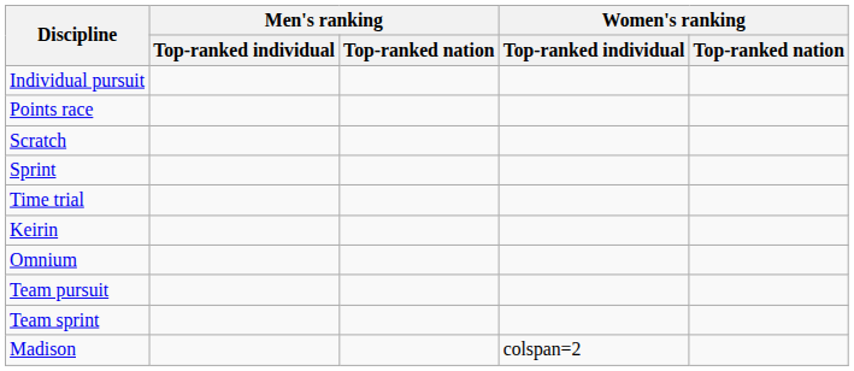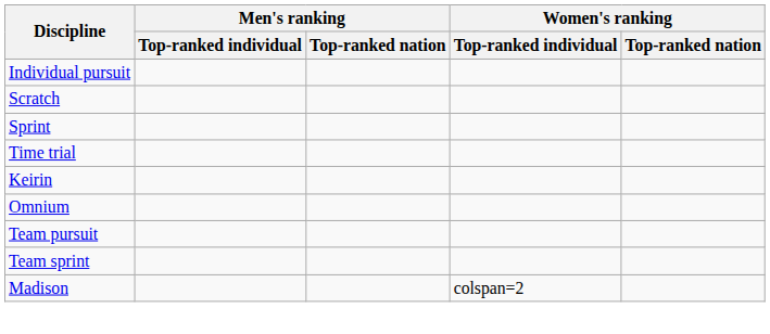 <table class="wikitable">
 <tr>
 <th rowspan=2>Discipline</th>
 <th colspan=2>Men's ranking</th>
 <th colspan=2>Women's ranking</th>
 </tr>
 <tr>
 <th>Top-ranked individual</th>
 <th>Top-ranked nation</th>
 <th>Top-ranked individual</th>
 <th>Top-ranked nation</th>
 </tr>
 <tr>
 <td><a href='#'>Individual pursuit</a></td>
-<td></td>
-<td></td>
-<td></td>
-<td></td>
-</tr>
-<tr>
-<td><a href='#'>Points race</a></td>
 <td></td>
 <td></td>
 <td></td>
 <td></td>
 </tr>
 <tr>
 <td><a href='#'>Scratch</a></td>
 <td></td>
 <td></td>
 <td></td>
 <td></td>
 </tr>
 <tr>
 <td><a href='#'>Sprint</a></td>
 <td></td>
 <td></td>
 <td></td>
 <td></td>
 </tr>
 <tr>
 <td><a href='#'>Time trial</a></td>
 <td></td>
 <td></td>
 <td></td>
 <td></td>
 </tr>
 <tr>
 <td><a href='#'>Keirin</a></td>
 <td></td>
 <td></td>
 <td></td>
 <td></td>
 </tr>
 <tr>
 <td><a href='#'>Omnium</a></td>
 <td></td>
 <td></td>
 <td></td>
 <td></td>
 </tr>
 <tr>
 <td><a href='#'>Team pursuit</a></td>
 <td></td>
 <td></td>
 <td></td>
 <td></td>
 </tr>
 <tr>
 <td><a href='#'>Team sprint</a></td>
 <td></td>
 <td></td>
 <td></td>
 <td></td>
 </tr>
 <tr>
 <td><a href='#'>Madison</a></td>
 <td></td>
 <td></td>
 <td>colspan=2 </td>
 </tr>
 </table>
